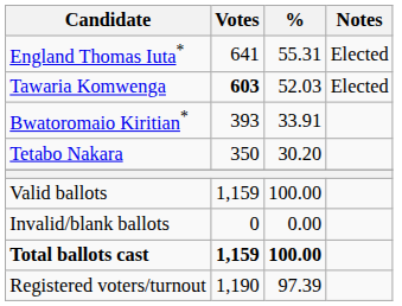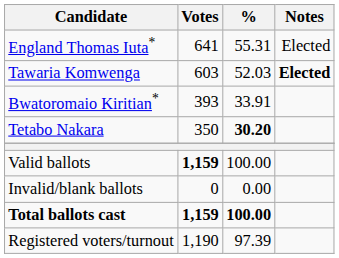 <table class=wikitable style=text-align:right>
 <tr>
 <th>Candidate</th>
 <th>Votes</th>
 <th>%</th>
 <th>Notes</th>
 </tr>
 <tr>
 <td align=left><a href='#'>England Thomas Iuta</a><sup>*</sup></td>
 <td>641</td>
 <td>55.31</td>
 <td>Elected</td>
 </tr>
 <tr>
 <td align=left><a href='#'>Tawaria Komwenga</a></td>
-<td><strong>603</strong></td>
+<td>603</td>
 <td>52.03</td>
-<td>Elected</td>
+<td><strong>Elected</strong></td>
 </tr>
 <tr>
 <td align=left><a href='#'>Bwatoromaio Kiritian</a><sup>*</sup></td>
 <td>393</td>
 <td>33.91</td>
 <td></td>
 </tr>
 <tr>
 <td align=left><a href='#'>Tetabo Nakara</a></td>
 <td>350</td>
-<td>30.20</td>
+<td><strong>30.20</strong></td>
 <td></td>
 </tr>
 <tr>
 </tr>
 <tr>
 <th colspan=6></th>
 </tr>
 <tr>
 <td align=left>Valid ballots</td>
-<td>1,159</td>
+<td><strong>1,159</strong></td>
 <td>100.00</td>
 <td></td>
 </tr>
 <tr>
 <td align=left>Invalid/blank ballots</td>
 <td>0</td>
 <td>0.00</td>
 <td></td>
 </tr>
 <tr style="font-weight:bold">
 <td align=left>Total ballots cast</td>
 <td>1,159</td>
 <td>100.00</td>
 <td></td>
 </tr>
 <tr>
 <td align=left>Registered voters/turnout</td>
 <td>1,190</td>
 <td>97.39</td>
 <td></td>
 </tr>
 </table>
